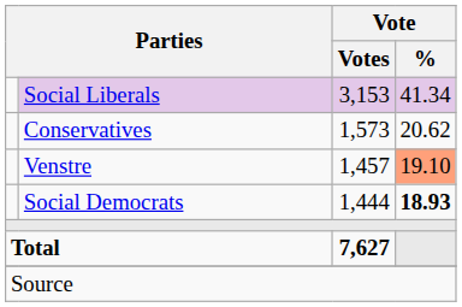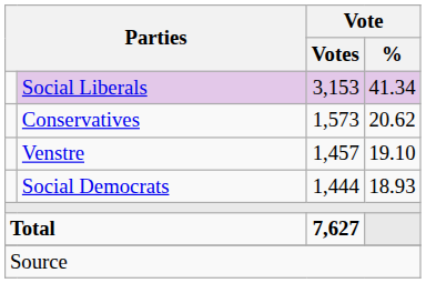 <table class="wikitable" style="text-align:right;">
 <tr>
 <th style="text-align:centre;" rowspan="2" colspan="2" width="225">Parties</th>
 <th colspan="3">Vote</th>
 </tr>
 <tr>
 <th width="15">Votes</th>
 <th width="15">%</th>
 </tr>
 <tr>
 <td width="2" style="color:inherit;background:"></td>
 <td bgcolor=#e3c8e9  align="left"><a href='#'>Social Liberals</a></td>
 <td bgcolor=#e3c8e9>3,153</td>
 <td bgcolor=#e3c8e9>41.34</td>
 </tr>
 <tr>
 <td width="2" style="color:inherit;background:"></td>
 <td align="left"><a href='#'>Conservatives</a></td>
 <td>1,573</td>
 <td>20.62</td>
 </tr>
 <tr>
 <td width="2" style="color:inherit;background:"></td>
 <td align="left"><a href='#'>Venstre</a></td>
 <td>1,457</td>
-<td style="background: lightsalmon;">19.10</td>
+<td>19.10</td>
 </tr>
 <tr>
 <td width="2" style="color:inherit;background:"></td>
 <td align="left"><a href='#'>Social Democrats</a></td>
 <td>1,444</td>
-<td><strong>18.93</strong></td>
+<td>18.93</td>
 </tr>
 <tr>
 <td colspan="7" bgcolor="#E9E9E9"></td>
 </tr>
 <tr>
 <td align="left" colspan="2"><strong>Total</strong></td>
 <td><strong>7,627</strong></td>
 <td bgcolor="#E9E9E9" colspan="2"></td>
 </tr>
 <tr>
 </tr>
 <tr>
 <td align="left" colspan="6">Source</td>
 </tr>
 </table>
